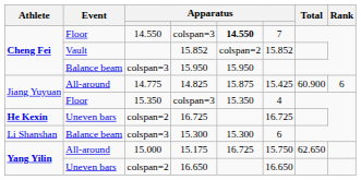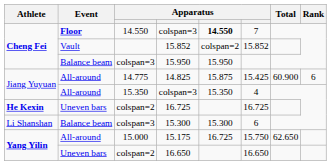 <table class="wikitable" style="font-size:90%">
 <tr>
 <th rowspan=2>Athlete</th>
 <th rowspan=2>Event</th>
 <th colspan =4>Apparatus</th>
 <th rowspan=2>Total</th>
 <th rowspan=2>Rank</th>
 </tr>
 <tr style="font-size:95%">
 <th></th>
 <th></th>
 <th></th>
 <th></th>
 </tr>
 <tr align=center>
 <td align=left rowspan=3><strong><a href='#'>Cheng Fei</a></strong></td>
-<td align=left><a href='#'>Floor</a></td>
+<td align=left><strong><a href='#'>Floor</a></strong></td>
 <td>14.550</td>
 <td>colspan=3 </td>
 <td><strong>14.550</strong></td>
 <td>7</td>
 </tr>
 <tr align=center>
 <td align=left><a href='#'>Vault</a></td>
 <td></td>
 <td>15.852</td>
 <td>colspan=2 </td>
 <td>15.852</td>
 <td></td>
 </tr>
 <tr align=center>
 <td align=left><a href='#'>Balance beam</a></td>
 <td>colspan=3 </td>
 <td>15.950</td>
 <td>15.950</td>
 <td></td>
 </tr>
 <tr align=center>
 <td align=left rowspan=2><a href='#'>Jiang Yuyuan</a></td>
 <td align=left><a href='#'>All-around</a></td>
 <td>14.775</td>
 <td>14.825</td>
 <td>15.875</td>
 <td>15.425</td>
 <td>60.900</td>
 <td>6</td>
 </tr>
 <tr align=center>
-<td align=left><a href='#'>Floor</a></td>
+<td align=left><a href='#'>All-around</a></td>
 <td>15.350</td>
 <td>colspan=3 </td>
 <td>15.350</td>
 <td>4</td>
 </tr>
 <tr align=center>
 <td align=left><strong><a href='#'>He Kexin</a></strong></td>
 <td align=left><a href='#'>Uneven bars</a></td>
 <td>colspan=2 </td>
 <td>16.725</td>
 <td></td>
 <td>16.725</td>
 <td></td>
 </tr>
 <tr align=center>
 <td align=left><a href='#'>Li Shanshan</a></td>
 <td align=left><a href='#'>Balance beam</a></td>
 <td>colspan=3 </td>
 <td>15.300</td>
 <td>15.300</td>
 <td>6</td>
 </tr>
 <tr align=center>
 <td align=left rowspan=2><strong><a href='#'>Yang Yilin</a></strong></td>
 <td align=left><a href='#'>All-around</a></td>
 <td>15.000</td>
 <td>15.175</td>
 <td>16.725</td>
 <td>15.750</td>
 <td>62.650</td>
 <td></td>
 </tr>
 <tr align=center>
 <td align=left><a href='#'>Uneven bars</a></td>
 <td>colspan=2 </td>
 <td>16.650</td>
 <td></td>
 <td>16.650</td>
 <td></td>
 </tr>
 </table>
